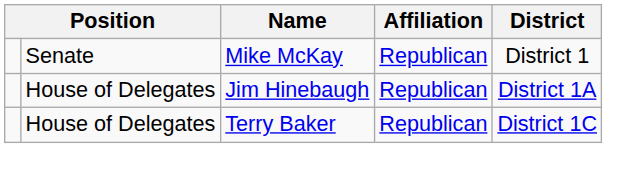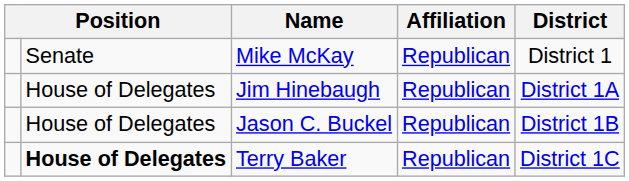 <table class=wikitable>
 <tr>
 <th colspan="2" style="text-align:center; vertical-align:bottom;">Position</th>
 <th style="text-align:center;">Name</th>
 <th valign=bottom>Affiliation</th>
 <th style="vertical-align:bottom; text-align:center;">District</th>
 </tr>
 <tr>
 <td style="background-color:"> </td>
 <td>Senate</td>
 <td><a href='#'>Mike McKay</a></td>
 <td style="text-align:center;"><a href='#'>Republican</a></td>
 <td style="text-align:center;">District 1</td>
 </tr>
 <tr>
 <td style="background-color:"> </td>
 <td>House of Delegates</td>
 <td><a href='#'>Jim Hinebaugh</a></td>
 <td style="text-align:center;"><a href='#'>Republican</a></td>
 <td style="text-align:center;"><a href='#'>District 1A</a></td>
 </tr>
 <tr>
 <td style="background-color:"> </td>
 <td>House of Delegates</td>
+<td><a href='#'>Jason C. Buckel</a></td>
+<td style="text-align:center;"><a href='#'>Republican</a></td>
+<td style="text-align:center;"><a href='#'>District 1B</a></td>
+</tr>
+<tr>
+<td style="background-color:"> </td>
+<td><strong>House of Delegates</strong></td>
 <td><a href='#'>Terry Baker</a></td>
 <td style="text-align:center;"><a href='#'>Republican</a></td>
 <td style="text-align:center;"><a href='#'>District 1C</a></td>
 </tr>
 </table>
